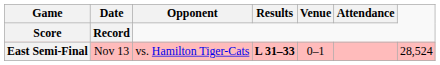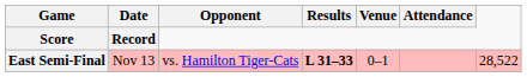 <table class="wikitable" style="text-align:center">
 <tr>
 <th>Game</th>
 <th>Date</th>
 <th>Opponent</th>
 <th>Results</th>
 <th>Venue</th>
 <th>Attendance</th>
 </tr>
 <tr>
 <th>Score</th>
 <th>Record</th>
 </tr>
 <tr style="background:#ffbbbb">
 <th>East Semi-Final</th>
 <td>Nov 13</td>
 <td>vs. <a href='#'>Hamilton Tiger-Cats</a></td>
 <td><strong>L 31–33</strong></td>
 <td>0–1</td>
 <td></td>
-<td>28,524</td>
+<td>28,522</td>
 </tr>
 </table>
